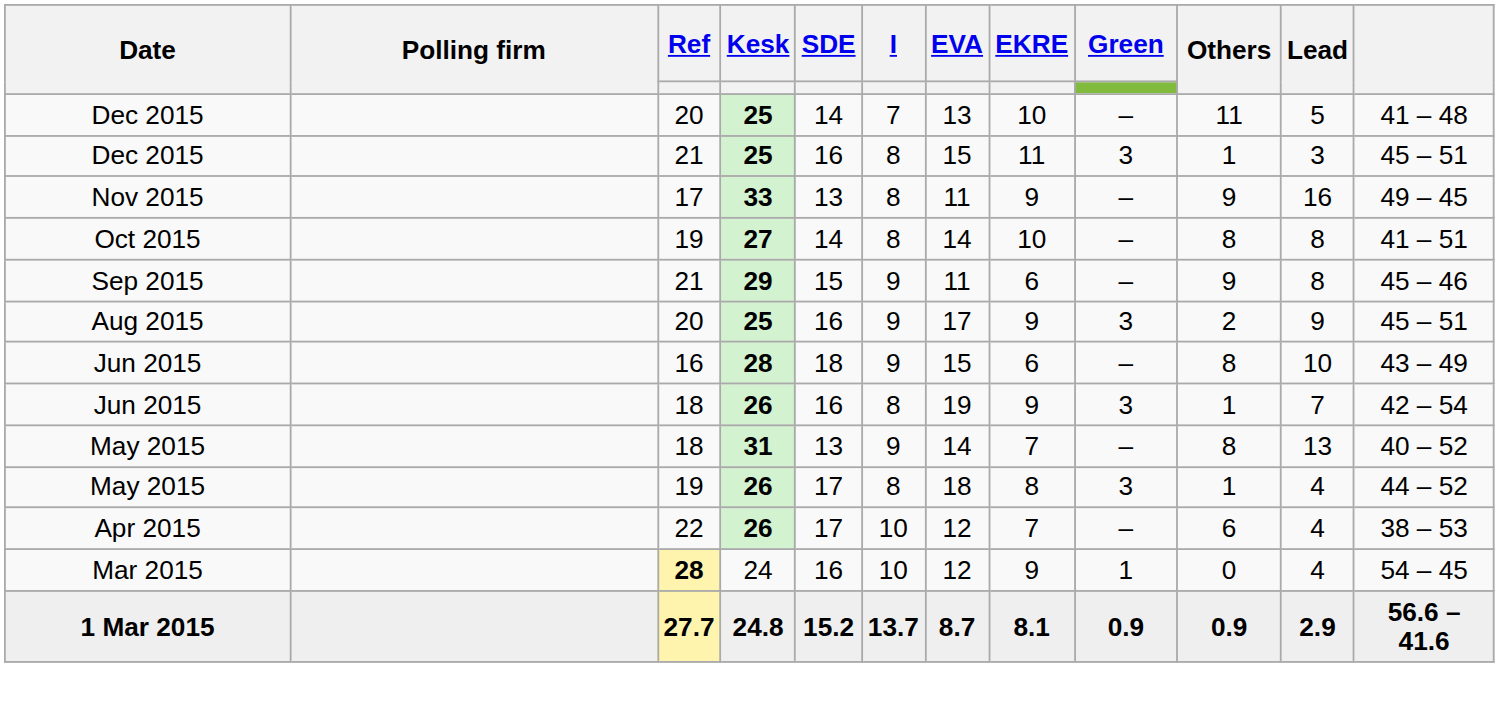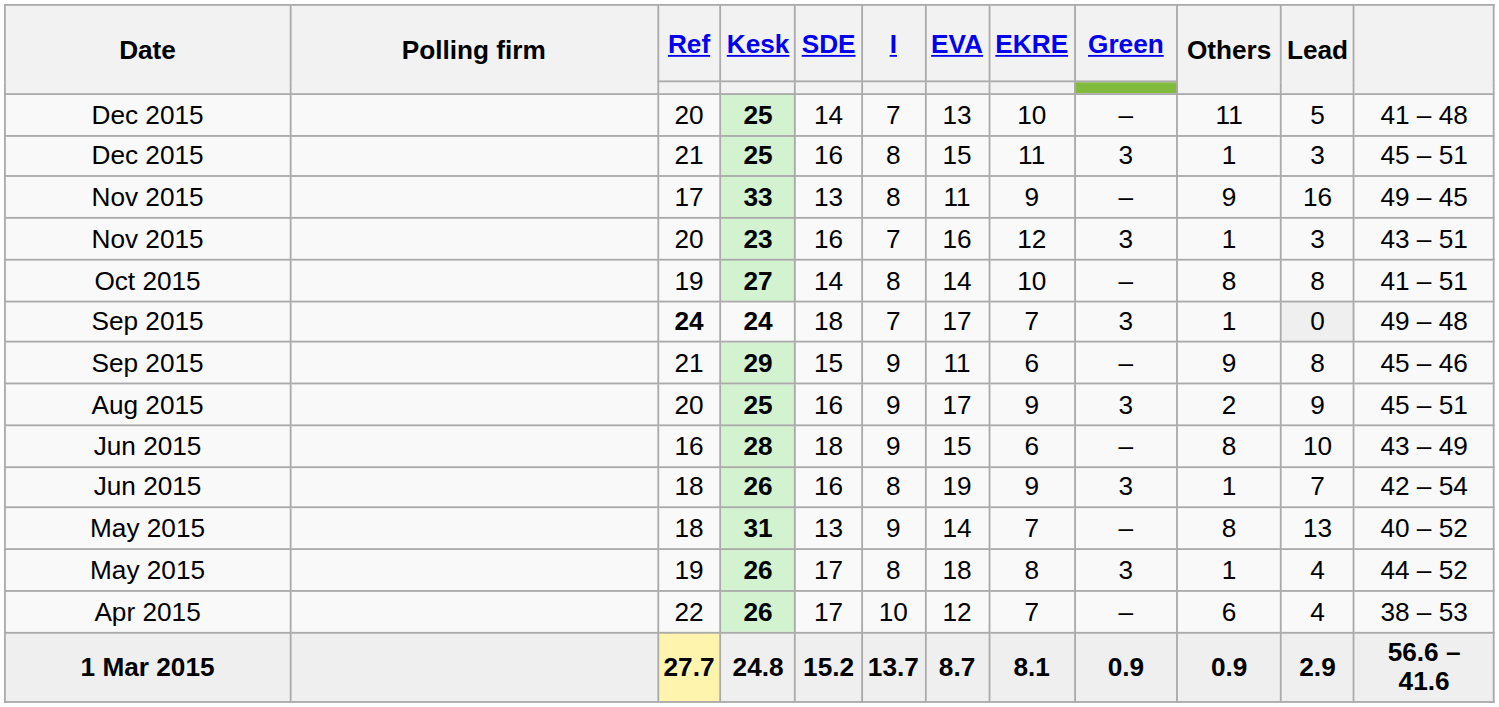 <table class="wikitable" style="text-align:center; font-size:90%; line-height:16px;">
 <tr style="height:42px;">
 <th style="width:150px;" rowspan="2">Date</th>
 <th style="width:195px;" rowspan="2">Polling firm</th>
 <th><a href='#'><span>Ref</span></a></th>
 <th><a href='#'><span>Kesk</span></a></th>
 <th><a href='#'><span>SDE</span></a></th>
 <th><a href='#'><span>I</span></a></th>
 <th><a href='#'><span>EVA</span></a></th>
 <th><a href='#'><span>EKRE</span></a></th>
 <th><a href='#'><span>Green</span></a></th>
 <th style="width:50px;" rowspan="2">Others</th>
 <th style="width:20px;" rowspan="2">Lead</th>
 <th style="width:70px;" rowspan="2"></th>
 </tr>
 <tr>
 <th style="background:"></th>
 <th style="background:"></th>
 <th style="background:"></th>
 <th style="background:"></th>
 <th style="background:"></th>
 <th style="background:"></th>
 <th style="background:#80BB3D; width:50px;"></th>
 </tr>
 <tr>
 <td>Dec 2015</td>
 <td></td>
 <td>20</td>
 <td style="background:#D3F2D0"><strong>25</strong></td>
 <td>14</td>
 <td>7</td>
 <td>13</td>
 <td>10</td>
 <td>–</td>
 <td>11</td>
 <td style="background:">5</td>
 <td>41 – 48</td>
 </tr>
 <tr>
 <td>Dec 2015</td>
 <td></td>
 <td>21</td>
 <td style="background:#D3F2D0"><strong>25</strong></td>
 <td>16</td>
 <td>8</td>
 <td>15</td>
 <td>11</td>
 <td>3</td>
 <td>1</td>
 <td style="background:">3</td>
 <td>45 – 51</td>
 </tr>
 <tr>
 <td>Nov 2015</td>
 <td></td>
 <td>17</td>
 <td style="background:#D3F2D0"><strong>33</strong></td>
 <td>13</td>
 <td>8</td>
 <td>11</td>
 <td>9</td>
 <td>–</td>
 <td>9</td>
 <td style="background:">16</td>
 <td>49 – 45</td>
 </tr>
 <tr>
+<td>Nov 2015</td>
+<td></td>
+<td>20</td>
+<td style="background:#D3F2D0"><strong>23</strong></td>
+<td>16</td>
+<td>7</td>
+<td>16</td>
+<td>12</td>
+<td>3</td>
+<td>1</td>
+<td style="background:">3</td>
+<td>43 – 51</td>
+</tr>
+<tr>
 <td>Oct 2015</td>
 <td></td>
 <td>19</td>
 <td style="background:#D3F2D0"><strong>27</strong></td>
 <td>14</td>
 <td>8</td>
 <td>14</td>
 <td>10</td>
 <td>–</td>
 <td>8</td>
 <td style="background:">8</td>
 <td>41 – 51</td>
+</tr>
+<tr>
+<td>Sep 2015</td>
+<td></td>
+<td><strong>24</strong></td>
+<td><strong>24</strong></td>
+<td>18</td>
+<td>7</td>
+<td>17</td>
+<td>7</td>
+<td>3</td>
+<td>1</td>
+<td style="background:#EFEFEF;">0</td>
+<td>49 – 48</td>
 </tr>
 <tr>
 <td>Sep 2015</td>
 <td></td>
 <td>21</td>
 <td style="background:#D3F2D0"><strong>29</strong></td>
 <td>15</td>
 <td>9</td>
 <td>11</td>
 <td>6</td>
 <td>–</td>
 <td>9</td>
 <td style="background:">8</td>
 <td>45 – 46</td>
 </tr>
 <tr>
 <td>Aug 2015</td>
 <td></td>
 <td>20</td>
 <td style="background:#D3F2D0"><strong>25</strong></td>
 <td>16</td>
 <td>9</td>
 <td>17</td>
 <td>9</td>
 <td>3</td>
 <td>2</td>
 <td style="background:">9</td>
 <td>45 – 51</td>
 </tr>
 <tr>
 <td>Jun 2015</td>
 <td></td>
 <td>16</td>
 <td style="background:#D3F2D0"><strong>28</strong></td>
 <td>18</td>
 <td>9</td>
 <td>15</td>
 <td>6</td>
 <td>–</td>
 <td>8</td>
 <td style="background:">10</td>
 <td>43 – 49</td>
 </tr>
 <tr>
 <td>Jun 2015</td>
 <td></td>
 <td>18</td>
 <td style="background:#D3F2D0"><strong>26</strong></td>
 <td>16</td>
 <td>8</td>
 <td>19</td>
 <td>9</td>
 <td>3</td>
 <td>1</td>
 <td style="background:">7</td>
 <td>42 – 54</td>
 </tr>
 <tr>
 <td>May 2015</td>
 <td></td>
 <td>18</td>
 <td style="background:#D3F2D0"><strong>31</strong></td>
 <td>13</td>
 <td>9</td>
 <td>14</td>
 <td>7</td>
 <td>–</td>
 <td>8</td>
 <td style="background:">13</td>
 <td>40 – 52</td>
 </tr>
 <tr>
 <td>May 2015</td>
 <td></td>
 <td>19</td>
 <td style="background:#D3F2D0"><strong>26</strong></td>
 <td>17</td>
 <td>8</td>
 <td>18</td>
 <td>8</td>
 <td>3</td>
 <td>1</td>
 <td style="background:">4</td>
 <td>44 – 52</td>
 </tr>
 <tr>
 <td>Apr 2015</td>
 <td></td>
 <td>22</td>
 <td style="background:#D3F2D0"><strong>26</strong></td>
 <td>17</td>
 <td>10</td>
 <td>12</td>
 <td>7</td>
 <td>–</td>
 <td>6</td>
 <td style="background:">4</td>
 <td>38 – 53</td>
 </tr>
-<tr>
-<td>Mar 2015</td>
-<td></td>
-<td style="background:#FEF4AE"><strong>28</strong></td>
-<td>24</td>
-<td>16</td>
-<td>10</td>
-<td>12</td>
-<td>9</td>
-<td>1</td>
-<td>0</td>
-<td style="background:">4</td>
-<td>54 – 45</td>
-</tr>
 <tr style="background:#EFEFEF; font-weight:bold;">
 <td>1 Mar 2015</td>
 <td></td>
 <td style="background:#FEF4AE">27.7</td>
 <td>24.8</td>
 <td>15.2</td>
 <td>13.7</td>
 <td>8.7</td>
 <td>8.1</td>
 <td>0.9</td>
 <td>0.9</td>
 <td style="background:">2.9</td>
 <td>56.6 – 41.6</td>
 </tr>
 </table>
